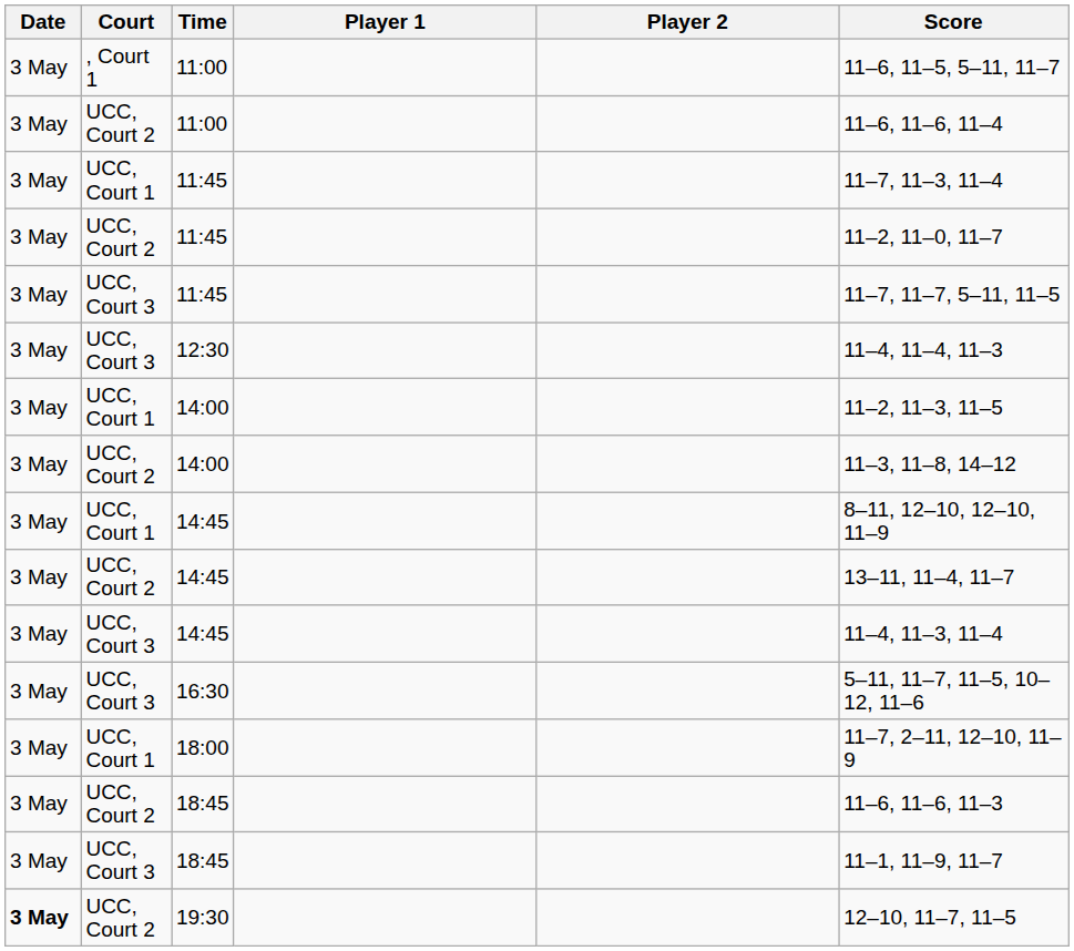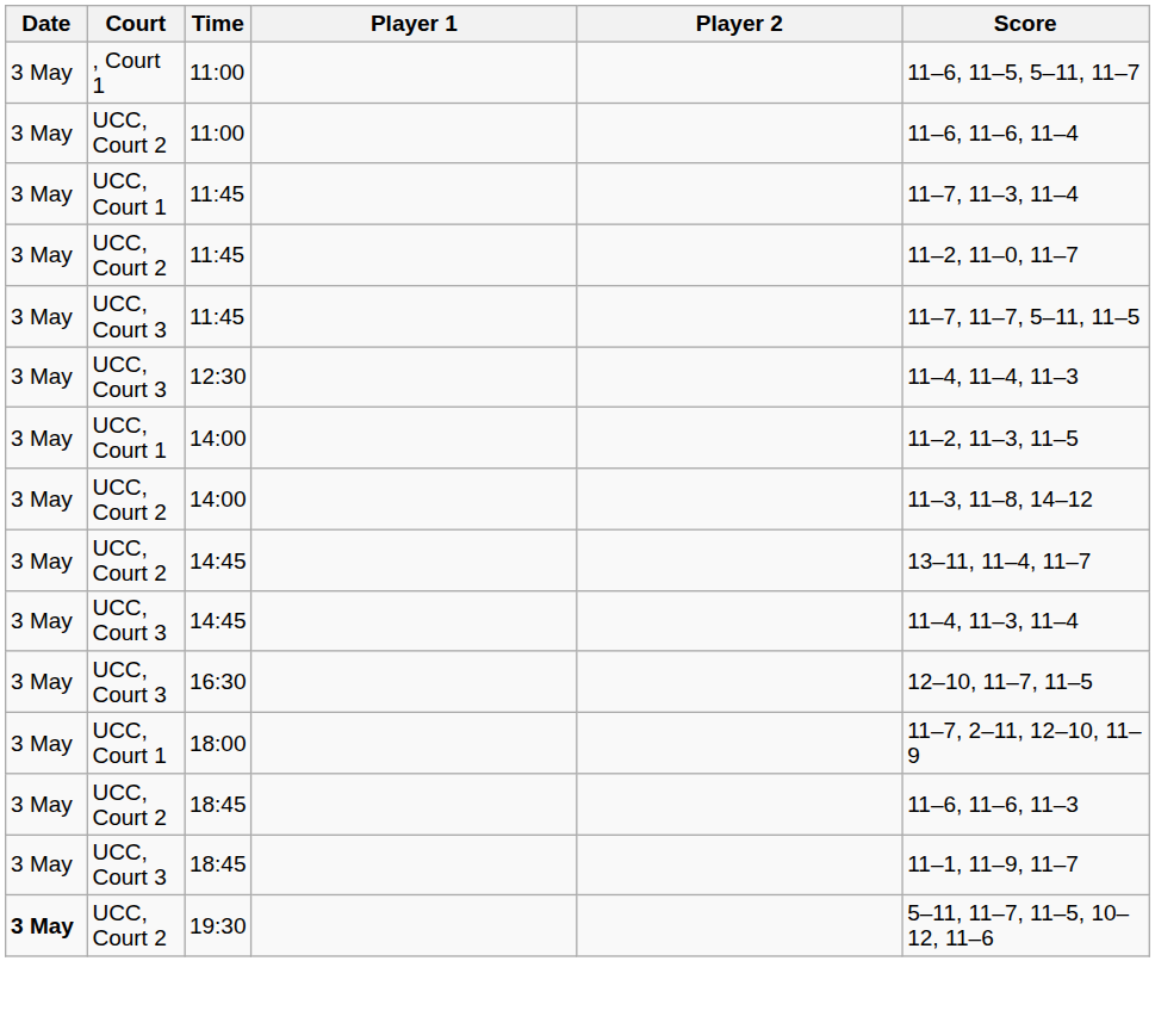 <table class="sortable wikitable" style="font-size:90%">
 <tr>
 <th width="45" class="unsortable">Date</th>
 <th width="55">Court</th>
 <th width="30">Time</th>
 <th width="200">Player 1</th>
 <th width="200">Player 2</th>
 <th width="150" class="unsortable">Score</th>
 </tr>
 <tr>
 <td>3 May</td>
 <td>, Court 1</td>
 <td>11:00</td>
 <td><strong></strong></td>
 <td></td>
 <td>11–6, 11–5, 5–11, 11–7</td>
 </tr>
 <tr>
 <td>3 May</td>
 <td>UCC, Court 2</td>
 <td>11:00</td>
 <td></td>
 <td><strong></strong></td>
 <td>11–6, 11–6, 11–4</td>
 </tr>
 <tr>
 <td>3 May</td>
 <td>UCC, Court 1</td>
 <td>11:45</td>
 <td><strong></strong></td>
 <td></td>
 <td>11–7, 11–3, 11–4</td>
 </tr>
 <tr>
 <td>3 May</td>
 <td>UCC, Court 2</td>
 <td>11:45</td>
 <td></td>
 <td><strong></strong></td>
 <td>11–2, 11–0, 11–7</td>
 </tr>
 <tr>
 <td>3 May</td>
 <td>UCC, Court 3</td>
 <td>11:45</td>
 <td><strong></strong></td>
 <td></td>
 <td>11–7, 11–7, 5–11, 11–5</td>
 </tr>
 <tr>
 <td>3 May</td>
 <td>UCC, Court 3</td>
 <td>12:30</td>
 <td></td>
 <td><strong></strong></td>
 <td>11–4, 11–4, 11–3</td>
 </tr>
 <tr>
 <td>3 May</td>
 <td>UCC, Court 1</td>
 <td>14:00</td>
 <td></td>
 <td><strong></strong></td>
 <td>11–2, 11–3, 11–5</td>
 </tr>
 <tr>
 <td>3 May</td>
 <td>UCC, Court 2</td>
 <td>14:00</td>
 <td></td>
 <td><strong></strong></td>
 <td>11–3, 11–8, 14–12</td>
 </tr>
 <tr>
 <td>3 May</td>
-<td>UCC, Court 1</td>
-<td>14:45</td>
-<td><strong></strong></td>
-<td></td>
-<td>8–11, 12–10, 12–10, 11–9</td>
-</tr>
-<tr>
-<td>3 May</td>
 <td>UCC, Court 2</td>
 <td>14:45</td>
 <td></td>
 <td><strong></strong></td>
 <td>13–11, 11–4, 11–7</td>
 </tr>
 <tr>
 <td>3 May</td>
 <td>UCC, Court 3</td>
 <td>14:45</td>
 <td><strong></strong></td>
 <td></td>
 <td>11–4, 11–3, 11–4</td>
 </tr>
 <tr>
 <td>3 May</td>
 <td>UCC, Court 3</td>
 <td>16:30</td>
 <td><strong></strong></td>
 <td></td>
-<td>5–11, 11–7, 11–5, 10–12, 11–6</td>
+<td>12–10, 11–7, 11–5</td>
 </tr>
 <tr>
 <td>3 May</td>
 <td>UCC, Court 1</td>
 <td>18:00</td>
 <td><strong></strong></td>
 <td></td>
 <td>11–7, 2–11, 12–10, 11–9</td>
 </tr>
 <tr>
 <td>3 May</td>
 <td>UCC, Court 2</td>
 <td>18:45</td>
 <td></td>
 <td><strong></strong></td>
 <td>11–6, 11–6, 11–3</td>
 </tr>
 <tr>
 <td>3 May</td>
 <td>UCC, Court 3</td>
 <td>18:45</td>
 <td><strong></strong></td>
 <td></td>
 <td>11–1, 11–9, 11–7</td>
 </tr>
 <tr>
 <td><strong>3 May</strong></td>
 <td>UCC, Court 2</td>
 <td>19:30</td>
 <td><strong></strong></td>
 <td></td>
-<td>12–10, 11–7, 11–5</td>
+<td>5–11, 11–7, 11–5, 10–12, 11–6</td>
 </tr>
 </table>
